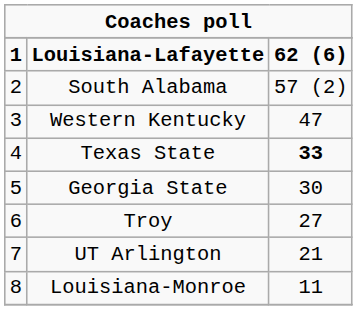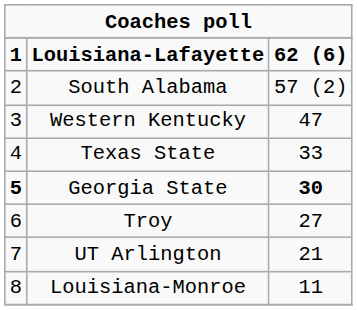 <table class="wikitable">
 <tr style="text-align:center;">
 <td colspan="3"><strong>Coaches poll</strong></td>
 </tr>
 <tr style="text-align:center;">
 </tr>
 <tr style="text-align:center;">
 <td><strong>1</strong></td>
 <td><strong>Louisiana-Lafayette</strong></td>
 <td><strong>62 (6)</strong></td>
 </tr>
 <tr style="text-align:center;">
 <td>2</td>
 <td>South Alabama</td>
 <td>57 (2)</td>
 </tr>
 <tr style="text-align:center;">
 <td>3</td>
 <td>Western Kentucky</td>
 <td>47</td>
 </tr>
 <tr style="text-align:center;">
 <td>4</td>
 <td>Texas State</td>
-<td><strong>33</strong></td>
+<td>33</td>
 </tr>
 <tr style="text-align:center;">
-<td>5</td>
+<td><strong>5</strong></td>
 <td>Georgia State</td>
-<td>30</td>
+<td><strong>30</strong></td>
 </tr>
 <tr style="text-align:center;">
 <td>6</td>
 <td>Troy</td>
 <td>27</td>
 </tr>
 <tr style="text-align:center;">
 <td>7</td>
 <td>UT Arlington</td>
 <td>21</td>
 </tr>
 <tr style="text-align:center;">
 <td>8</td>
 <td>Louisiana-Monroe</td>
 <td>11</td>
 </tr>
 <tr style="text-align:center;">
 </tr>
 </table>
